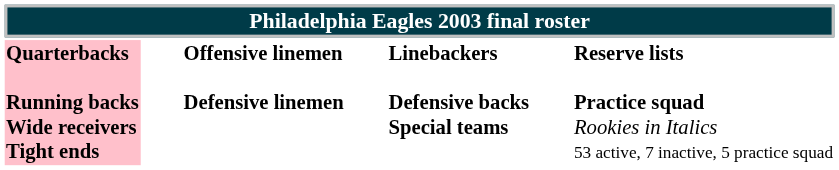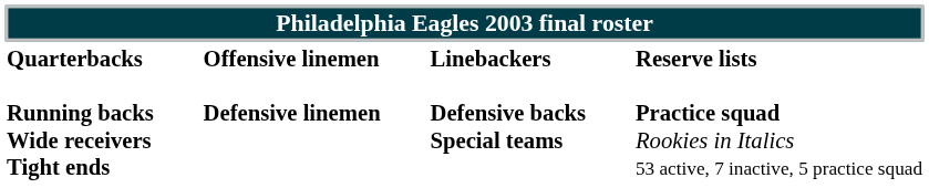 <table class="toccolours" style="text-align: left;">
 <tr>
 <th colspan="9" style="background:#003b48; border:2px solid silver; color:white; text-align:center;"><strong>Philadelphia Eagles 2003 final roster</strong></th>
 </tr>
 <tr>
-<td style="background: pink; font-size:95%; vertical-align:top;"><strong>Quarterbacks</strong><br>  <br><strong>Running backs</strong>      <br><strong>Wide receivers</strong>        <br><strong>Tight ends</strong>   </td>
+<td style="font-size:95%; vertical-align:top;"><strong>Quarterbacks</strong><br>  <br><strong>Running backs</strong>      <br><strong>Wide receivers</strong>        <br><strong>Tight ends</strong>   </td>
 <td style="width: 25px;"></td>
 <td style="font-size:95%; vertical-align:top;"><strong>Offensive linemen</strong><br>         <br><strong>Defensive linemen</strong>           </td>
 <td style="width: 25px;"></td>
 <td style="font-size:95%; vertical-align:top;"><strong>Linebackers </strong><br>     <br><strong>Defensive backs</strong>            <br><strong>Special teams</strong>   </td>
 <td style="width: 25px;"></td>
 <td style="font-size:95%; vertical-align:top;"><strong>Reserve lists</strong><br>        <br><strong>Practice squad</strong>       <br><em>Rookies in Italics</em><br> <small>53 active, 7 inactive, 5 practice squad</small></td>
 </tr>
 <tr>
 </tr>
 </table>
